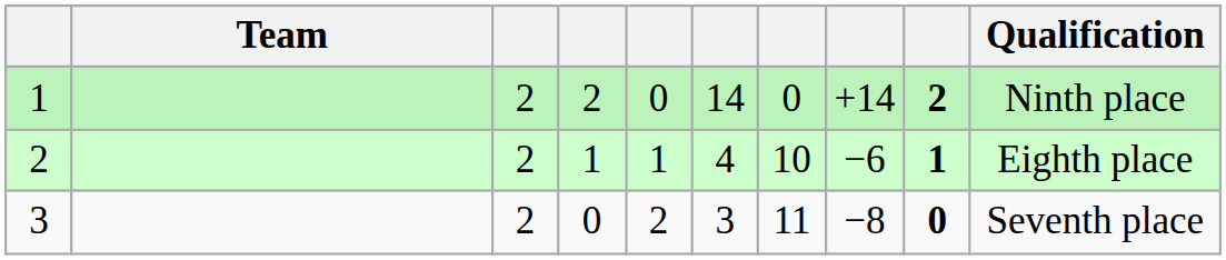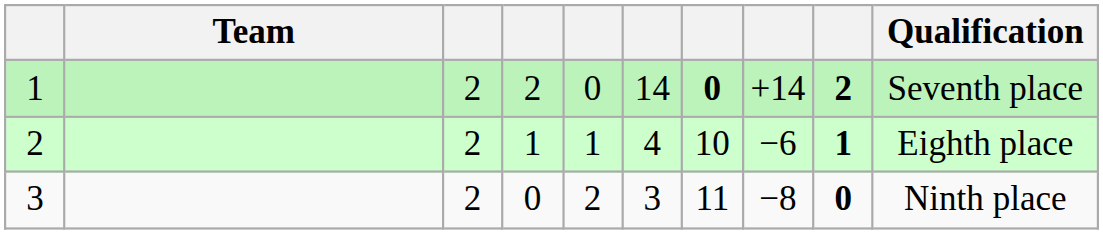 <table class="wikitable" style="text-align:center;">
 <tr>
 <th width=20></th>
 <th width=165>Team</th>
 <th width=20></th>
 <th width=20></th>
 <th width=20></th>
 <th width=20></th>
 <th width=20></th>
 <th width=20></th>
 <th width=20></th>
 <th width=95>Qualification</th>
 </tr>
 <tr bgcolor=bbf3bb>
 <td>1</td>
 <td align="left"></td>
 <td>2</td>
 <td>2</td>
 <td>0</td>
 <td>14</td>
-<td>0</td>
+<td><strong>0</strong></td>
 <td>+14</td>
 <td><strong>2</strong></td>
-<td>Ninth place</td>
+<td>Seventh place</td>
 </tr>
 <tr bgcolor=ccffcc>
 <td>2</td>
 <td align="left"></td>
 <td>2</td>
 <td>1</td>
 <td>1</td>
 <td>4</td>
 <td>10</td>
 <td>−6</td>
 <td><strong>1</strong></td>
 <td>Eighth place</td>
 </tr>
 <tr>
 <td>3</td>
 <td align="left"></td>
 <td>2</td>
 <td>0</td>
 <td>2</td>
 <td>3</td>
 <td>11</td>
 <td>−8</td>
 <td><strong>0</strong></td>
-<td>Seventh place</td>
+<td>Ninth place</td>
 </tr>
 </table>
